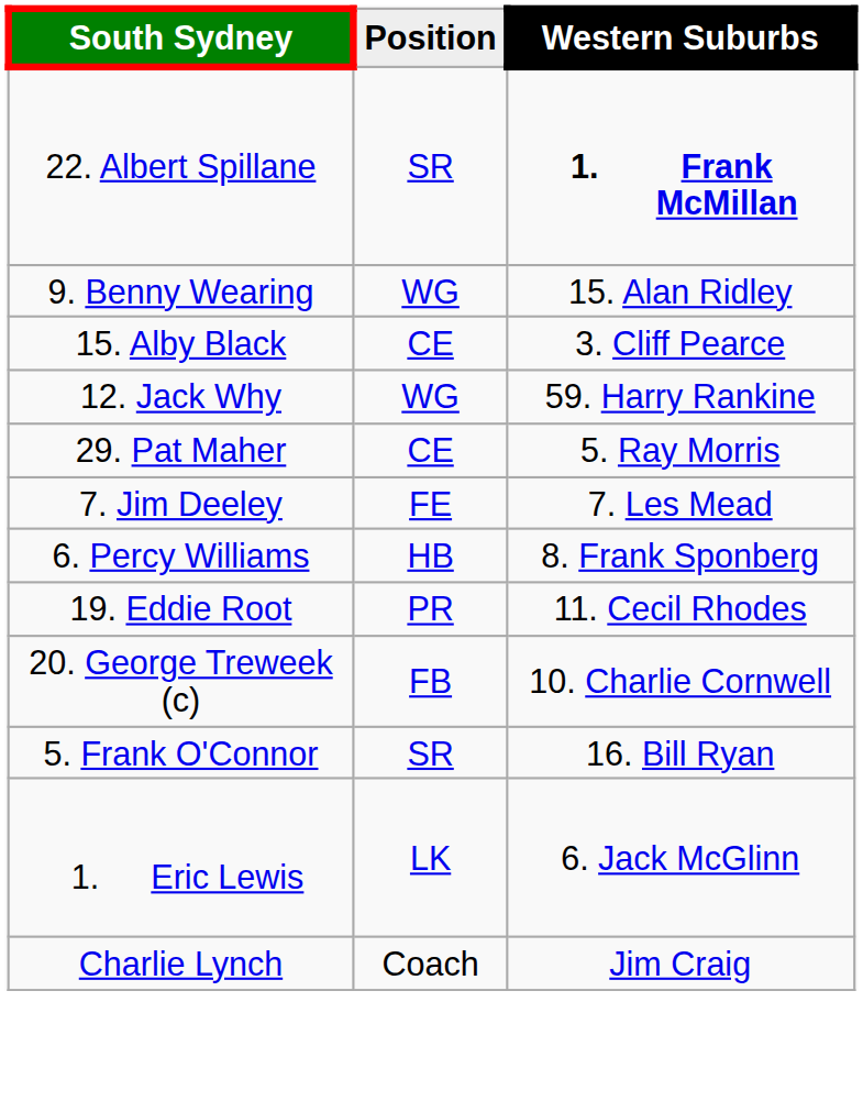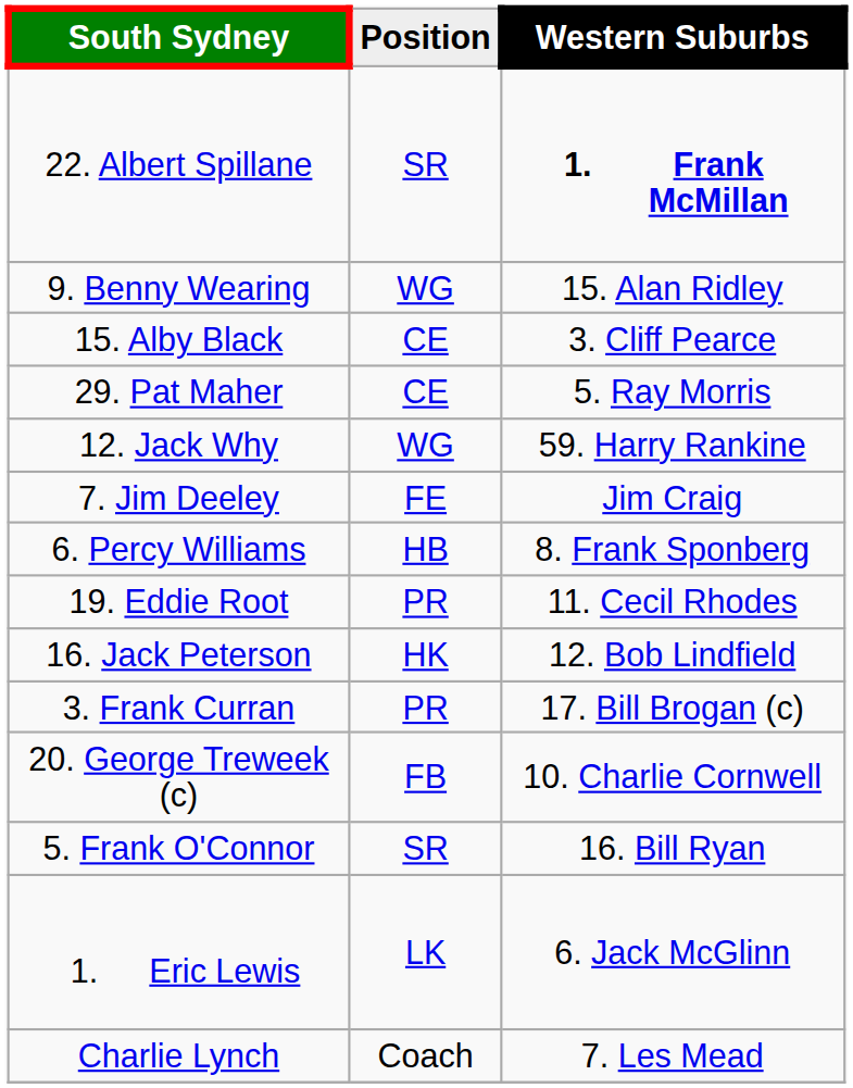 <table align="right" class="wikitable" style="font-size:90%; margin-left:1em">
 <tr bgcolor="#FF0033">
 <th style="width:140px; border:3px solid red; background: green; color: white">South Sydney</th>
 <th style="width:40px; text-align:center; background:#eee; color:black;">Position</th>
 <th style="width:140px; border:3px solid black; background: black; color: white">Western Suburbs</th>
 </tr>
 <tr align=center>
 <td>22. <a href='#'>Albert Spillane</a></td>
 <td><a href='#'>SR</a></td>
 <td><strong><br><ol><li><a href='#'>Frank McMillan</a></li></ol></strong></td>
 </tr>
 <tr align=center>
 <td>9. <a href='#'>Benny Wearing</a></td>
 <td><a href='#'>WG</a></td>
 <td>15. <a href='#'>Alan Ridley</a></td>
 </tr>
 <tr align=center>
 <td>15. <a href='#'>Alby Black</a></td>
 <td><a href='#'>CE</a></td>
 <td>3. <a href='#'>Cliff Pearce</a></td>
 </tr>
 <tr align=center>
+<td>29. <a href='#'>Pat Maher</a></td>
+<td><a href='#'>CE</a></td>
+<td>5. <a href='#'>Ray Morris</a></td>
+</tr>
+<tr align=center>
 <td>12. <a href='#'>Jack Why</a></td>
 <td><a href='#'>WG</a></td>
 <td>59. <a href='#'>Harry Rankine</a></td>
 </tr>
 <tr align=center>
-<td>29. <a href='#'>Pat Maher</a></td>
-<td><a href='#'>CE</a></td>
-<td>5. <a href='#'>Ray Morris</a></td>
-</tr>
-<tr align=center>
 <td>7. <a href='#'>Jim Deeley</a></td>
 <td><a href='#'>FE</a></td>
-<td>7. <a href='#'>Les Mead</a></td>
+<td><a href='#'>Jim Craig</a></td>
 </tr>
 <tr align=center>
 <td>6. <a href='#'>Percy Williams</a></td>
 <td><a href='#'>HB</a></td>
 <td>8. <a href='#'>Frank Sponberg</a></td>
 </tr>
 <tr align=center>
 <td>19. <a href='#'>Eddie Root</a></td>
 <td><a href='#'>PR</a></td>
 <td>11. <a href='#'>Cecil Rhodes</a></td>
+</tr>
+<tr align=center>
+<td>16. <a href='#'>Jack Peterson</a></td>
+<td><a href='#'>HK</a></td>
+<td>12. <a href='#'>Bob Lindfield</a></td>
+</tr>
+<tr align=center>
+<td>3. <a href='#'>Frank Curran</a></td>
+<td><a href='#'>PR</a></td>
+<td>17. <a href='#'>Bill Brogan</a> (c)</td>
 </tr>
 <tr align=center>
 <td>20. <a href='#'>George Treweek</a> (c)</td>
 <td><a href='#'>FB</a></td>
 <td>10. <a href='#'>Charlie Cornwell</a></td>
 </tr>
 <tr align=center>
 <td>5. <a href='#'>Frank O'Connor</a></td>
 <td><a href='#'>SR</a></td>
 <td>16. <a href='#'>Bill Ryan</a></td>
 </tr>
 <tr align=center>
 <td><br><ol><li><a href='#'>Eric Lewis</a></li></ol></td>
 <td><a href='#'>LK</a></td>
 <td>6. <a href='#'>Jack McGlinn</a></td>
 </tr>
 <tr align=center>
 <td><a href='#'>Charlie Lynch</a></td>
 <td>Coach</td>
-<td><a href='#'>Jim Craig</a></td>
+<td>7. <a href='#'>Les Mead</a></td>
 </tr>
 <tr>
 </tr>
 </table>
